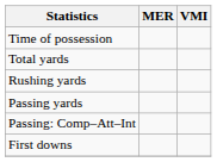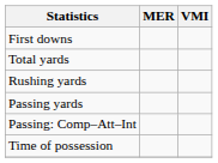 <table class="wikitable" style="float: left;">
 <tr>
 <th>Statistics</th>
 <th>MER</th>
 <th>VMI</th>
 </tr>
 <tr>
-<td>Time of possession</td>
+<td>First downs</td>
 <td></td>
 <td></td>
 </tr>
 <tr>
 <td>Total yards</td>
 <td></td>
 <td></td>
 </tr>
 <tr>
 <td>Rushing yards</td>
 <td></td>
 <td></td>
 </tr>
 <tr>
 <td>Passing yards</td>
 <td></td>
 <td></td>
 </tr>
 <tr>
 <td>Passing: Comp–Att–Int</td>
 <td></td>
 <td></td>
 </tr>
 <tr>
-<td>First downs</td>
+<td>Time of possession</td>
 <td></td>
 <td></td>
 </tr>
 <tr>
 </tr>
 </table>
